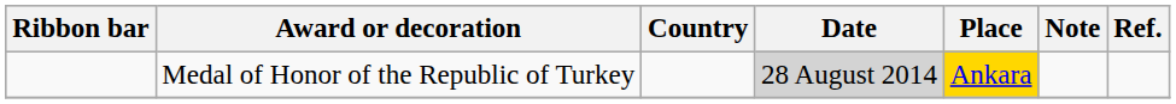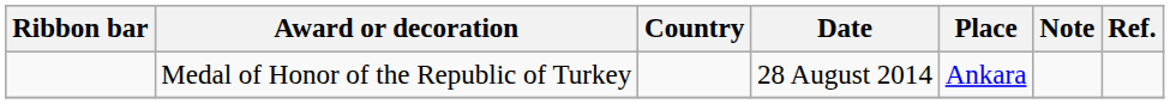 <table class="wikitable sortable" style="font-size: 90%;">
 <tr>
 <th class="unsortable">Ribbon bar</th>
 <th>Award or decoration</th>
 <th>Country</th>
 <th>Date</th>
 <th>Place</th>
 <th class="unsortable">Note</th>
 <th class="unsortable">Ref.</th>
 </tr>
 <tr>
 <td></td>
 <td>Medal of Honor of the Republic of Turkey</td>
 <td></td>
-<td align=center style="background: lightgrey;"> 28 August 2014</td>
-<td style="background: gold;"><a href='#'>Ankara</a></td>
+<td align=center> 28 August 2014</td>
+<td><a href='#'>Ankara</a></td>
 <td></td>
 <td></td>
 </tr>
 <tr>
 </tr>
 </table>
